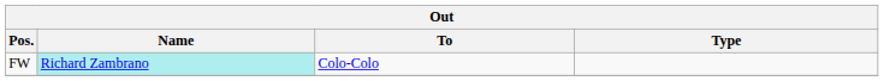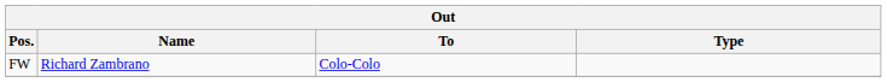 <table class="wikitable" style="font-size:90%;width:99%;">
 <tr>
 <th colspan="4">Out</th>
 </tr>
 <tr>
 <th width=3%>Pos.</th>
 <th width=32%>Name</th>
 <th width=30%>To</th>
 <th width=35%>Type</th>
 </tr>
 <tr>
 <td>FW</td>
-<td style="background: paleturquoise;"><a href='#'>Richard Zambrano</a></td>
+<td><a href='#'>Richard Zambrano</a></td>
 <td><a href='#'>Colo-Colo</a></td>
 <td></td>
 </tr>
 <tr>
 </tr>
 </table>
